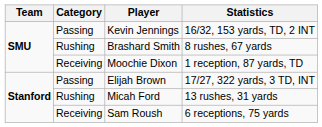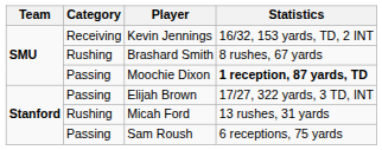 <table class="wikitable" style="float: right;">
 <tr>
 <th>Team</th>
 <th>Category</th>
 <th>Player</th>
 <th>Statistics</th>
 </tr>
 <tr>
 <td rowspan=3><strong>SMU</strong></td>
-<td>Passing</td>
+<td>Receiving</td>
 <td>Kevin Jennings</td>
 <td>16/32, 153 yards, TD, 2 INT</td>
 </tr>
 <tr>
 <td>Rushing</td>
 <td>Brashard Smith</td>
 <td>8 rushes, 67 yards</td>
 </tr>
 <tr>
-<td>Receiving</td>
+<td>Passing</td>
 <td>Moochie Dixon</td>
-<td>1 reception, 87 yards, TD</td>
+<td><strong>1 reception, 87 yards, TD</strong></td>
 </tr>
 <tr>
 <td rowspan=3><strong>Stanford</strong></td>
 <td>Passing</td>
 <td>Elijah Brown</td>
 <td>17/27, 322 yards, 3 TD, INT</td>
 </tr>
 <tr>
 <td>Rushing</td>
 <td>Micah Ford</td>
 <td>13 rushes, 31 yards</td>
 </tr>
 <tr>
-<td>Receiving</td>
+<td>Passing</td>
 <td>Sam Roush</td>
 <td>6 receptions, 75 yards</td>
 </tr>
 </table>
